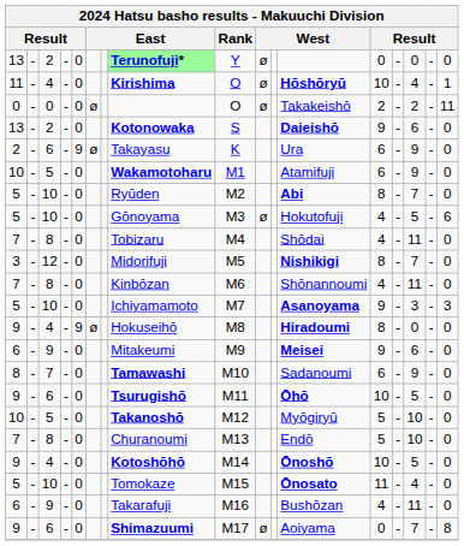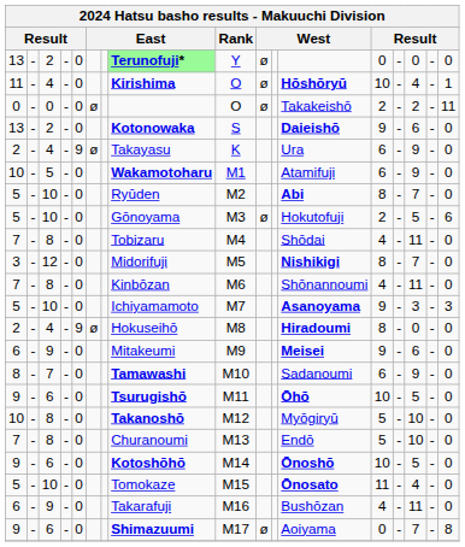 <table class="wikitable" style="text-align:center">
 <tr>
 <th colspan="17">2024 Hatsu basho results - Makuuchi Division</th>
 </tr>
 <tr>
 <th colspan="5">Result</th>
 <th colspan="3">East</th>
 <th>Rank</th>
 <th colspan="3">West</th>
 <th colspan="5">Result</th>
 </tr>
 <tr>
 <td>13</td>
 <td>-</td>
 <td>2</td>
 <td>-</td>
 <td>0</td>
 <td></td>
 <td></td>
 <td style="text-align:left;background: PaleGreen;"><strong><a href='#'>Terunofuji</a>*</strong></td>
 <td><a href='#'>Y</a></td>
 <td>ø</td>
 <td></td>
 <td></td>
 <td>0</td>
 <td>-</td>
 <td>0</td>
 <td>-</td>
 <td>0</td>
 </tr>
 <tr>
 <td>11</td>
 <td>-</td>
 <td>4</td>
 <td>-</td>
 <td>0</td>
 <td></td>
 <td></td>
 <td style="text-align:left;"><strong><a href='#'>Kirishima</a></strong></td>
 <td><a href='#'>O</a></td>
 <td>ø</td>
 <td></td>
 <td style="text-align:left;"><strong><a href='#'>Hōshōryū</a></strong></td>
 <td>10</td>
 <td>-</td>
 <td>4</td>
 <td>-</td>
 <td>1</td>
 </tr>
 <tr>
 <td>0</td>
 <td>-</td>
 <td>0</td>
 <td>-</td>
 <td>0</td>
 <td>ø</td>
 <td></td>
 <td></td>
 <td>O</td>
 <td>ø</td>
 <td></td>
 <td style="text-align:left;"><a href='#'>Takakeishō</a></td>
 <td>2</td>
 <td>-</td>
 <td>2</td>
 <td>-</td>
 <td>11</td>
 </tr>
 <tr>
 <td>13</td>
 <td>-</td>
 <td>2</td>
 <td>-</td>
 <td>0</td>
 <td></td>
 <td></td>
 <td style="text-align:left;"><strong><a href='#'>Kotonowaka</a></strong></td>
 <td><a href='#'>S</a></td>
 <td></td>
 <td></td>
 <td style="text-align:left;"><strong><a href='#'>Daieishō</a></strong></td>
 <td>9</td>
 <td>-</td>
 <td>6</td>
 <td>-</td>
 <td>0</td>
 </tr>
 <tr>
 <td>2</td>
 <td>-</td>
-<td>6</td>
+<td>4</td>
 <td>-</td>
 <td>9</td>
 <td>ø</td>
 <td></td>
 <td style="text-align:left;"><a href='#'>Takayasu</a></td>
 <td><a href='#'>K</a></td>
 <td></td>
 <td></td>
 <td style="text-align:left;"><a href='#'>Ura</a></td>
 <td>6</td>
 <td>-</td>
 <td>9</td>
 <td>-</td>
 <td>0</td>
 </tr>
 <tr>
 <td>10</td>
 <td>-</td>
 <td>5</td>
 <td>-</td>
 <td>0</td>
 <td></td>
 <td></td>
 <td style="text-align:left;"><strong><a href='#'>Wakamotoharu</a></strong></td>
 <td><a href='#'>M1</a></td>
 <td></td>
 <td></td>
 <td style="text-align:left;"><a href='#'>Atamifuji</a></td>
 <td>6</td>
 <td>-</td>
 <td>9</td>
 <td>-</td>
 <td>0</td>
 </tr>
 <tr>
 <td>5</td>
 <td>-</td>
 <td>10</td>
 <td>-</td>
 <td>0</td>
 <td></td>
 <td></td>
 <td style="text-align:left;"><a href='#'>Ryūden</a></td>
 <td>M2</td>
 <td></td>
 <td></td>
 <td style="text-align:left;"><strong><a href='#'>Abi</a></strong></td>
 <td>8</td>
 <td>-</td>
 <td>7</td>
 <td>-</td>
 <td>0</td>
 </tr>
 <tr>
 <td>5</td>
 <td>-</td>
 <td>10</td>
 <td>-</td>
 <td>0</td>
 <td></td>
 <td></td>
 <td style="text-align:left;"><a href='#'>Gōnoyama</a></td>
 <td>M3</td>
 <td>ø</td>
 <td></td>
 <td style="text-align:left;"><a href='#'>Hokutofuji</a></td>
-<td>4</td>
+<td>2</td>
 <td>-</td>
 <td>5</td>
 <td>-</td>
 <td>6</td>
 </tr>
 <tr>
 <td>7</td>
 <td>-</td>
 <td>8</td>
 <td>-</td>
 <td>0</td>
 <td></td>
 <td></td>
 <td style="text-align:left;"><a href='#'>Tobizaru</a></td>
 <td>M4</td>
 <td></td>
 <td></td>
 <td style="text-align:left;"><a href='#'>Shōdai</a></td>
 <td>4</td>
 <td>-</td>
 <td>11</td>
 <td>-</td>
 <td>0</td>
 </tr>
 <tr>
 <td>3</td>
 <td>-</td>
 <td>12</td>
 <td>-</td>
 <td>0</td>
 <td></td>
 <td></td>
 <td style="text-align:left;"><a href='#'>Midorifuji</a></td>
 <td>M5</td>
 <td></td>
 <td></td>
 <td style="text-align:left;"><strong><a href='#'>Nishikigi</a></strong></td>
 <td>8</td>
 <td>-</td>
 <td>7</td>
 <td>-</td>
 <td>0</td>
 </tr>
 <tr>
 <td>7</td>
 <td>-</td>
 <td>8</td>
 <td>-</td>
 <td>0</td>
 <td></td>
 <td></td>
 <td style="text-align:left;"><a href='#'>Kinbōzan</a></td>
 <td>M6</td>
 <td></td>
 <td></td>
 <td style="text-align:left;"><a href='#'>Shōnannoumi</a></td>
 <td>4</td>
 <td>-</td>
 <td>11</td>
 <td>-</td>
 <td>0</td>
 </tr>
 <tr>
 <td>5</td>
 <td>-</td>
 <td>10</td>
 <td>-</td>
 <td>0</td>
 <td></td>
 <td></td>
 <td style="text-align:left;"><a href='#'>Ichiyamamoto</a></td>
 <td>M7</td>
 <td></td>
 <td></td>
 <td style="text-align:left;"><strong><a href='#'>Asanoyama</a></strong></td>
 <td>9</td>
 <td>-</td>
 <td>3</td>
 <td>-</td>
 <td>3</td>
 </tr>
 <tr>
-<td>9</td>
+<td>2</td>
 <td>-</td>
 <td>4</td>
 <td>-</td>
 <td>9</td>
 <td>ø</td>
 <td></td>
 <td style="text-align:left;"><a href='#'>Hokuseihō</a></td>
 <td>M8</td>
 <td></td>
 <td></td>
 <td style="text-align:left;"><strong><a href='#'>Hiradoumi</a></strong></td>
 <td>8</td>
 <td>-</td>
 <td>0</td>
 <td>-</td>
 <td>0</td>
 </tr>
 <tr>
 <td>6</td>
 <td>-</td>
 <td>9</td>
 <td>-</td>
 <td>0</td>
 <td></td>
 <td></td>
 <td style="text-align:left;"><a href='#'>Mitakeumi</a></td>
 <td>M9</td>
 <td></td>
 <td></td>
 <td style="text-align:left;"><strong><a href='#'>Meisei</a></strong></td>
 <td>9</td>
 <td>-</td>
 <td>6</td>
 <td>-</td>
 <td>0</td>
 </tr>
 <tr>
 <td>8</td>
 <td>-</td>
 <td>7</td>
 <td>-</td>
 <td>0</td>
 <td></td>
 <td></td>
 <td style="text-align:left;"><strong><a href='#'>Tamawashi</a></strong></td>
 <td>M10</td>
 <td></td>
 <td></td>
 <td style="text-align:left;"><a href='#'>Sadanoumi</a></td>
 <td>6</td>
 <td>-</td>
 <td>9</td>
 <td>-</td>
 <td>0</td>
 </tr>
 <tr>
 <td>9</td>
 <td>-</td>
 <td>6</td>
 <td>-</td>
 <td>0</td>
 <td></td>
 <td></td>
 <td style="text-align:left;"><strong><a href='#'>Tsurugishō</a></strong></td>
 <td>M11</td>
 <td></td>
 <td></td>
 <td style="text-align:left;"><strong><a href='#'>Ōhō</a></strong></td>
 <td>10</td>
 <td>-</td>
 <td>5</td>
 <td>-</td>
 <td>0</td>
 </tr>
 <tr>
 <td>10</td>
 <td>-</td>
-<td>5</td>
+<td>8</td>
 <td>-</td>
 <td>0</td>
 <td></td>
 <td></td>
 <td style="text-align:left;"><strong><a href='#'>Takanoshō</a></strong></td>
 <td>M12</td>
 <td></td>
 <td></td>
 <td style="text-align:left;"><a href='#'>Myōgiryū</a></td>
 <td>5</td>
 <td>-</td>
 <td>10</td>
 <td>-</td>
 <td>0</td>
 </tr>
 <tr>
 <td>7</td>
 <td>-</td>
 <td>8</td>
 <td>-</td>
 <td>0</td>
 <td></td>
 <td></td>
 <td style="text-align:left;"><a href='#'>Churanoumi</a></td>
 <td>M13</td>
 <td></td>
 <td></td>
 <td style="text-align:left;"><a href='#'>Endō</a></td>
 <td>5</td>
 <td>-</td>
 <td>10</td>
 <td>-</td>
 <td>0</td>
 </tr>
 <tr>
 <td>9</td>
 <td>-</td>
-<td>4</td>
+<td>6</td>
 <td>-</td>
 <td>0</td>
 <td></td>
 <td></td>
 <td style="text-align:left;"><strong><a href='#'>Kotoshōhō</a></strong></td>
 <td>M14</td>
 <td></td>
 <td></td>
 <td style="text-align:left;"><strong><a href='#'>Ōnoshō</a></strong></td>
 <td>10</td>
 <td>-</td>
 <td>5</td>
 <td>-</td>
 <td>0</td>
 </tr>
 <tr>
 <td>5</td>
 <td>-</td>
 <td>10</td>
 <td>-</td>
 <td>0</td>
 <td></td>
 <td></td>
 <td style="text-align:left;"><a href='#'>Tomokaze</a></td>
 <td>M15</td>
 <td></td>
 <td></td>
 <td style="text-align:left;"><strong><a href='#'>Ōnosato</a></strong></td>
 <td>11</td>
 <td>-</td>
 <td>4</td>
 <td>-</td>
 <td>0</td>
 </tr>
 <tr>
 <td>6</td>
 <td>-</td>
 <td>9</td>
 <td>-</td>
 <td>0</td>
 <td></td>
 <td></td>
 <td style="text-align:left;"><a href='#'>Takarafuji</a></td>
 <td>M16</td>
 <td></td>
 <td></td>
 <td style="text-align:left;"><a href='#'>Bushōzan</a></td>
 <td>4</td>
 <td>-</td>
 <td>11</td>
 <td>-</td>
 <td>0</td>
 </tr>
 <tr>
 <td>9</td>
 <td>-</td>
 <td>6</td>
 <td>-</td>
 <td>0</td>
 <td></td>
 <td></td>
 <td style="text-align:left;"><strong><a href='#'>Shimazuumi</a></strong></td>
 <td>M17</td>
 <td>ø</td>
 <td></td>
 <td style="text-align:left;"><a href='#'>Aoiyama</a></td>
 <td>0</td>
 <td>-</td>
 <td>7</td>
 <td>-</td>
 <td>8</td>
 </tr>
 <tr>
 </tr>
 </table>
